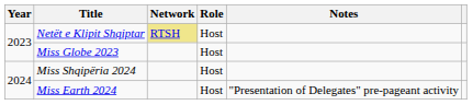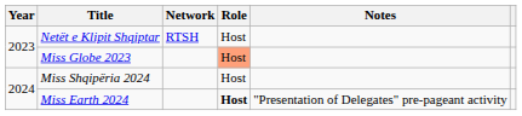 <table class="wikitable">
 <tr>
 <th>Year</th>
 <th>Title</th>
 <th>Network</th>
 <th>Role</th>
 <th>Notes</th>
 <th></th>
 </tr>
 <tr>
 <td rowspan="2">2023</td>
 <td><em><a href='#'>Netët e Klipit Shqiptar</a></em></td>
-<td style="background: khaki;"><a href='#'>RTSH</a></td>
+<td><a href='#'>RTSH</a></td>
 <td>Host</td>
 <td></td>
 <td></td>
 </tr>
 <tr>
 <td><em><a href='#'>Miss Globe 2023</a></em></td>
 <td></td>
-<td>Host</td>
+<td style="background: lightsalmon;">Host</td>
 <td></td>
 <td></td>
 </tr>
 <tr>
 <td rowspan=2>2024</td>
 <td><em>Miss Shqipëria 2024</em></td>
 <td></td>
 <td>Host</td>
 <td></td>
 <td></td>
 </tr>
 <tr>
 <td><em><a href='#'>Miss Earth 2024</a></em></td>
 <td></td>
-<td>Host</td>
+<td><strong>Host</strong></td>
 <td>"Presentation of Delegates" pre-pageant activity</td>
 <td></td>
 </tr>
 </table>
